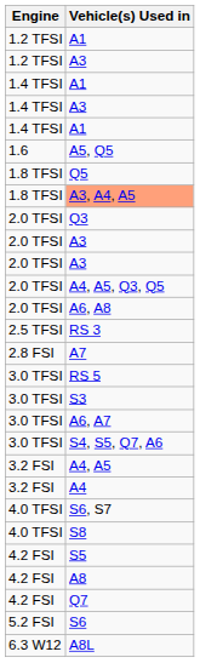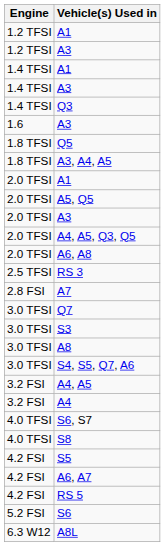 <table class="wikitable">
 <tr>
 <th>Engine</th>
 <th>Vehicle(s) Used in</th>
 </tr>
 <tr>
 <td>1.2 TFSI </td>
 <td><a href='#'>A1</a></td>
 </tr>
 <tr>
 <td>1.2 TFSI </td>
 <td><a href='#'>A3</a></td>
 </tr>
 <tr>
 <td>1.4 TFSI </td>
 <td><a href='#'>A1</a></td>
 </tr>
 <tr>
 <td>1.4 TFSI </td>
 <td><a href='#'>A3</a></td>
 </tr>
 <tr>
 <td>1.4 TFSI </td>
-<td><a href='#'>A1</a></td>
+<td><a href='#'>Q3</a></td>
 </tr>
 <tr>
 <td>1.6 </td>
-<td><a href='#'>A5</a>, <a href='#'>Q5</a></td>
+<td><a href='#'>A3</a></td>
 </tr>
 <tr>
 <td>1.8 TFSI </td>
 <td><a href='#'>Q5</a></td>
 </tr>
 <tr>
 <td>1.8 TFSI </td>
-<td style="background: lightsalmon;"><a href='#'>A3</a>, <a href='#'>A4</a>, <a href='#'>A5</a></td>
+<td><a href='#'>A3</a>, <a href='#'>A4</a>, <a href='#'>A5</a></td>
 </tr>
 <tr>
 <td>2.0 TFSI </td>
-<td><a href='#'>Q3</a></td>
+<td><a href='#'>A1</a></td>
 </tr>
 <tr>
 <td>2.0 TFSI </td>
-<td><a href='#'>A3</a></td>
+<td><a href='#'>A5</a>, <a href='#'>Q5</a></td>
 </tr>
 <tr>
 <td>2.0 TFSI </td>
 <td><a href='#'>A3</a></td>
 </tr>
 <tr>
 <td>2.0 TFSI </td>
 <td><a href='#'>A4</a>, <a href='#'>A5</a>, <a href='#'>Q3</a>, <a href='#'>Q5</a></td>
 </tr>
 <tr>
 <td>2.0 TFSI </td>
 <td><a href='#'>A6</a>, <a href='#'>A8</a></td>
 </tr>
 <tr>
 <td>2.5 TFSI </td>
 <td><a href='#'>RS 3</a></td>
 </tr>
 <tr>
 <td>2.8 FSI </td>
 <td><a href='#'>A7</a></td>
 </tr>
 <tr>
 <td>3.0 TFSI </td>
-<td><a href='#'>RS 5</a></td>
+<td><a href='#'>Q7</a></td>
 </tr>
 <tr>
 <td>3.0 TFSI </td>
 <td><a href='#'>S3</a></td>
 </tr>
 <tr>
 <td>3.0 TFSI </td>
-<td><a href='#'>A6</a>, <a href='#'>A7</a></td>
+<td><a href='#'>A8</a></td>
 </tr>
 <tr>
 <td>3.0 TFSI </td>
 <td><a href='#'>S4</a>, <a href='#'>S5</a>, <a href='#'>Q7</a>, <a href='#'>A6</a></td>
 </tr>
 <tr>
 <td>3.2 FSI </td>
 <td><a href='#'>A4</a>, <a href='#'>A5</a></td>
 </tr>
 <tr>
 <td>3.2 FSI </td>
 <td><a href='#'>A4</a></td>
 </tr>
 <tr>
 <td>4.0 TFSI </td>
 <td><a href='#'>S6</a>, S7</td>
 </tr>
 <tr>
 <td>4.0 TFSI </td>
 <td><a href='#'>S8</a></td>
 </tr>
 <tr>
 <td>4.2 FSI </td>
 <td><a href='#'>S5</a></td>
 </tr>
 <tr>
 <td>4.2 FSI </td>
-<td><a href='#'>A8</a></td>
+<td><a href='#'>A6</a>, <a href='#'>A7</a></td>
 </tr>
 <tr>
 <td>4.2 FSI </td>
-<td><a href='#'>Q7</a></td>
+<td><a href='#'>RS 5</a></td>
 </tr>
 <tr>
 <td>5.2 FSI </td>
 <td><a href='#'>S6</a></td>
 </tr>
 <tr>
 <td>6.3 W12 </td>
 <td><a href='#'>A8L</a></td>
 </tr>
 </table>
